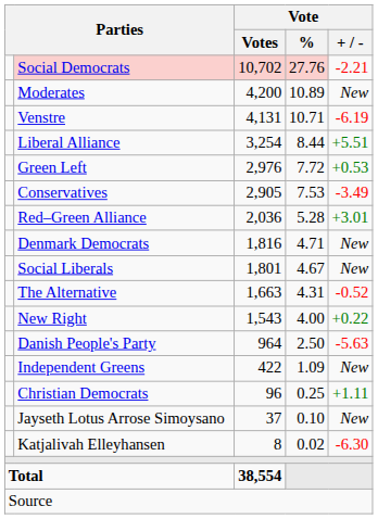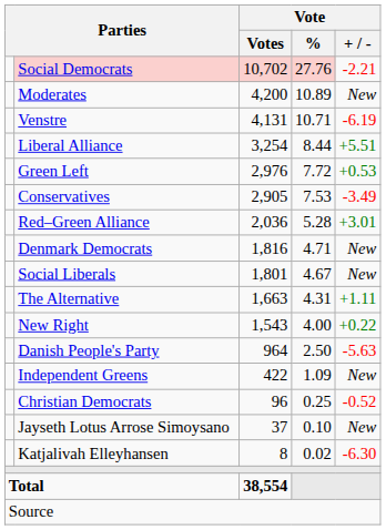 <table class="wikitable" style="text-align:right;">
 <tr>
 <th style="text-align:centre;" rowspan="2" colspan="2" width="225">Parties</th>
 <th colspan="3">Vote</th>
 </tr>
 <tr>
 <th width="15">Votes</th>
 <th width="15">%</th>
 <th width="15">+ / -</th>
 </tr>
 <tr>
 <td width="2" style="color:inherit;background:"></td>
 <td bgcolor=#fbd0ce  align="left"><a href='#'>Social Democrats</a></td>
 <td bgcolor=#fbd0ce>10,702</td>
 <td bgcolor=#fbd0ce>27.76</td>
 <td style=color:red;>-2.21</td>
 </tr>
 <tr>
 <td width="2" style="color:inherit;background:"></td>
 <td align="left"><a href='#'>Moderates</a></td>
 <td>4,200</td>
 <td>10.89</td>
 <td><em>New</em></td>
 </tr>
 <tr>
 <td width="2" style="color:inherit;background:"></td>
 <td align="left"><a href='#'>Venstre</a></td>
 <td>4,131</td>
 <td>10.71</td>
 <td style=color:red;>-6.19</td>
 </tr>
 <tr>
 <td width="2" style="color:inherit;background:"></td>
 <td align="left"><a href='#'>Liberal Alliance</a></td>
 <td>3,254</td>
 <td>8.44</td>
 <td style=color:green;>+5.51</td>
 </tr>
 <tr>
 <td width="2" style="color:inherit;background:"></td>
 <td align="left"><a href='#'>Green Left</a></td>
 <td>2,976</td>
 <td>7.72</td>
 <td style=color:green;>+0.53</td>
 </tr>
 <tr>
 <td width="2" style="color:inherit;background:"></td>
 <td align="left"><a href='#'>Conservatives</a></td>
 <td>2,905</td>
 <td>7.53</td>
 <td style=color:red;>-3.49</td>
 </tr>
 <tr>
 <td width="2" style="color:inherit;background:"></td>
 <td align="left"><a href='#'>Red–Green Alliance</a></td>
 <td>2,036</td>
 <td>5.28</td>
 <td style=color:green;>+3.01</td>
 </tr>
 <tr>
 <td width="2" style="color:inherit;background:"></td>
 <td align="left"><a href='#'>Denmark Democrats</a></td>
 <td>1,816</td>
 <td>4.71</td>
 <td><em>New</em></td>
 </tr>
 <tr>
 <td width="2" style="color:inherit;background:"></td>
 <td align="left"><a href='#'>Social Liberals</a></td>
 <td>1,801</td>
 <td>4.67</td>
 <td><em>New</em></td>
 </tr>
 <tr>
 <td width="2" style="color:inherit;background:"></td>
 <td align="left"><a href='#'>The Alternative</a></td>
 <td>1,663</td>
 <td>4.31</td>
-<td style=color:red;>-0.52</td>
+<td style=color:green;>+1.11</td>
 </tr>
 <tr>
 <td width="2" style="color:inherit;background:"></td>
 <td align="left"><a href='#'>New Right</a></td>
 <td>1,543</td>
 <td>4.00</td>
 <td style=color:green;>+0.22</td>
 </tr>
 <tr>
 <td width="2" style="color:inherit;background:"></td>
 <td align="left"><a href='#'>Danish People's Party</a></td>
 <td>964</td>
 <td>2.50</td>
 <td style=color:red;>-5.63</td>
 </tr>
 <tr>
 <td width="2" style="color:inherit;background:"></td>
 <td align="left"><a href='#'>Independent Greens</a></td>
 <td>422</td>
 <td>1.09</td>
 <td><em>New</em></td>
 </tr>
 <tr>
 <td width="2" style="color:inherit;background:"></td>
 <td align="left"><a href='#'>Christian Democrats</a></td>
 <td>96</td>
 <td>0.25</td>
-<td style=color:green;>+1.11</td>
+<td style=color:red;>-0.52</td>
 </tr>
 <tr>
 <td width="2" style="color:inherit;background:"></td>
 <td align="left">Jayseth Lotus Arrose Simoysano</td>
 <td>37</td>
 <td>0.10</td>
 <td><em>New</em></td>
 </tr>
 <tr>
 <td width="2" style="color:inherit;background:"></td>
 <td align="left">Katjalivah Elleyhansen</td>
 <td>8</td>
 <td>0.02</td>
 <td style=color:red;>-6.30</td>
 </tr>
 <tr>
 <td colspan="7" bgcolor="#E9E9E9"></td>
 </tr>
 <tr>
 <td align="left" colspan="2"><strong>Total</strong></td>
 <td><strong>38,554</strong></td>
 <td bgcolor="#E9E9E9" colspan="2"></td>
 </tr>
 <tr>
 <td align="left" colspan="6">Source</td>
 </tr>
 </table>
